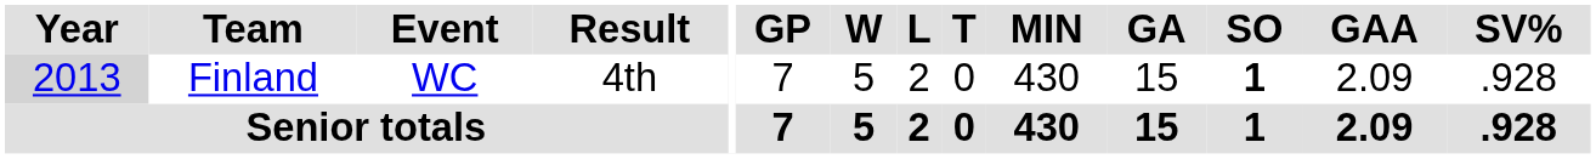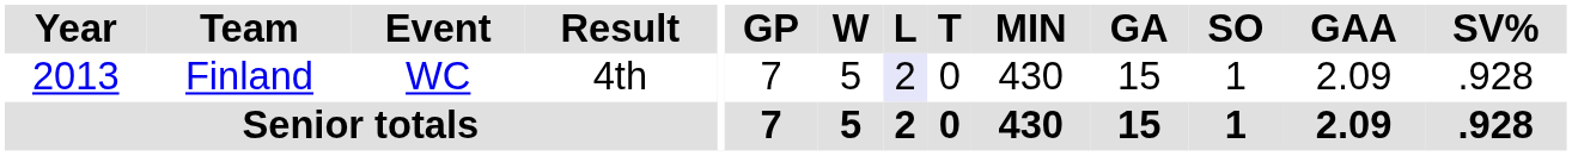 <table border="0" cellpadding="1" cellspacing="0" ID="Table3" style="text-align:center; width:40em">
 <tr ALIGN="center" bgcolor="#e0e0e0">
 <th>Year</th>
 <th>Team</th>
 <th>Event</th>
 <th>Result</th>
 <th rowspan="99" bgcolor="#ffffff"></th>
 <th>GP</th>
 <th>W</th>
 <th>L</th>
 <th>T</th>
 <th>MIN</th>
 <th>GA</th>
 <th>SO</th>
 <th>GAA</th>
 <th>SV%</th>
 </tr>
 <tr ALIGN="center">
-<td style="background: lightgrey;"><a href='#'>2013</a></td>
+<td><a href='#'>2013</a></td>
 <td><a href='#'>Finland</a></td>
 <td><a href='#'>WC</a></td>
 <td>4th</td>
 <td>7</td>
 <td>5</td>
-<td>2</td>
+<td style="background: lavender;">2</td>
 <td>0</td>
 <td>430</td>
 <td>15</td>
-<td><strong>1</strong></td>
+<td>1</td>
 <td>2.09</td>
 <td>.928</td>
 </tr>
 <tr ALIGN="center" bgcolor="#e0e0e0">
 <th colspan=4>Senior totals</th>
 <th>7</th>
 <th>5</th>
 <th>2</th>
 <th>0</th>
 <th>430</th>
 <th>15</th>
 <th>1</th>
 <th>2.09</th>
 <th>.928</th>
 </tr>
 </table>
